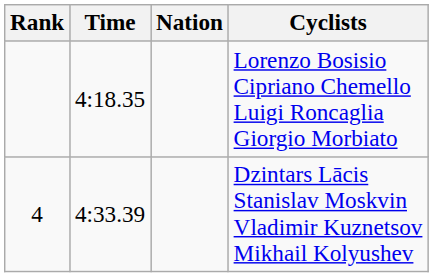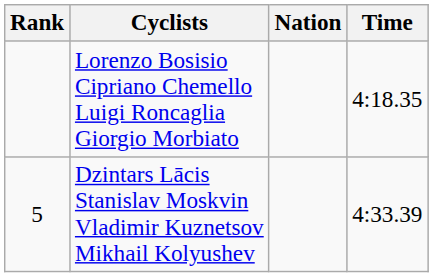 <table class="wikitable sortable" style=text-align:center>
 <tr>
 <th>Rank</th>
+<th>Cyclists</th>
+<th>Nation</th>
 <th>Time</th>
-<th>Nation</th>
-<th>Cyclists</th>
 </tr>
 <tr>
 <td></td>
+<td align=left><a href='#'>Lorenzo Bosisio</a><br><a href='#'>Cipriano Chemello</a><br><a href='#'>Luigi Roncaglia</a><br><a href='#'>Giorgio Morbiato</a></td>
+<td align=left></td>
 <td>4:18.35</td>
-<td align=left></td>
-<td align=left><a href='#'>Lorenzo Bosisio</a><br><a href='#'>Cipriano Chemello</a><br><a href='#'>Luigi Roncaglia</a><br><a href='#'>Giorgio Morbiato</a></td>
 </tr>
 <tr>
-<td>4</td>
+<td>5</td>
+<td align=left><a href='#'>Dzintars Lācis</a><br><a href='#'>Stanislav Moskvin</a><br><a href='#'>Vladimir Kuznetsov</a><br><a href='#'>Mikhail Kolyushev</a></td>
+<td align=left></td>
 <td>4:33.39</td>
-<td align=left></td>
-<td align=left><a href='#'>Dzintars Lācis</a><br><a href='#'>Stanislav Moskvin</a><br><a href='#'>Vladimir Kuznetsov</a><br><a href='#'>Mikhail Kolyushev</a></td>
 </tr>
 </table>
